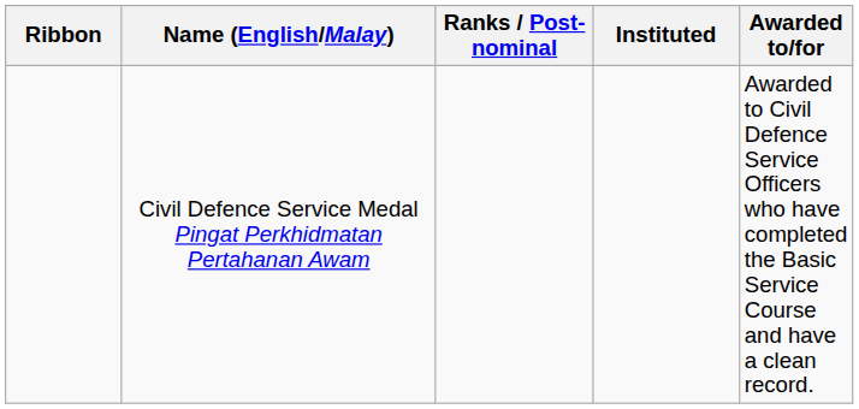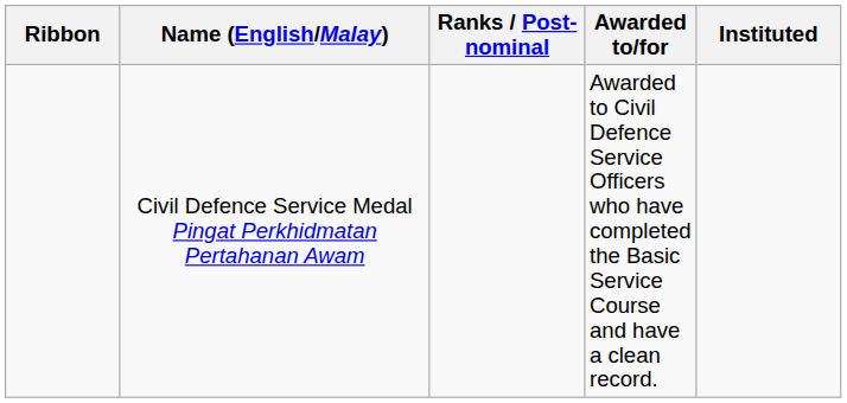 <table class="wikitable">
 <tr>
 <th style="width:113px;">Ribbon</th>
 <th style="width:25em;">Name (<a href='#'>English</a>/<a href='#'><em>Malay</em></a>)</th>
 <th style="width:11.5em;">Ranks / <a href='#'>Post-nominal</a></th>
+<th>Awarded to/for</th>
 <th style="width:9em;">Instituted</th>
-<th>Awarded to/for</th>
 </tr>
 <tr>
 <td align="center"></td>
 <td align="center">Civil Defence Service Medal <br><em><a href='#'>Pingat Perkhidmatan Pertahanan Awam</a></em></td>
 <td></td>
+<td>Awarded to Civil Defence Service Officers who have completed the Basic Service Course and have a clean record.</td>
 <td></td>
-<td>Awarded to Civil Defence Service Officers who have completed the Basic Service Course and have a clean record.</td>
 </tr>
 </table>
